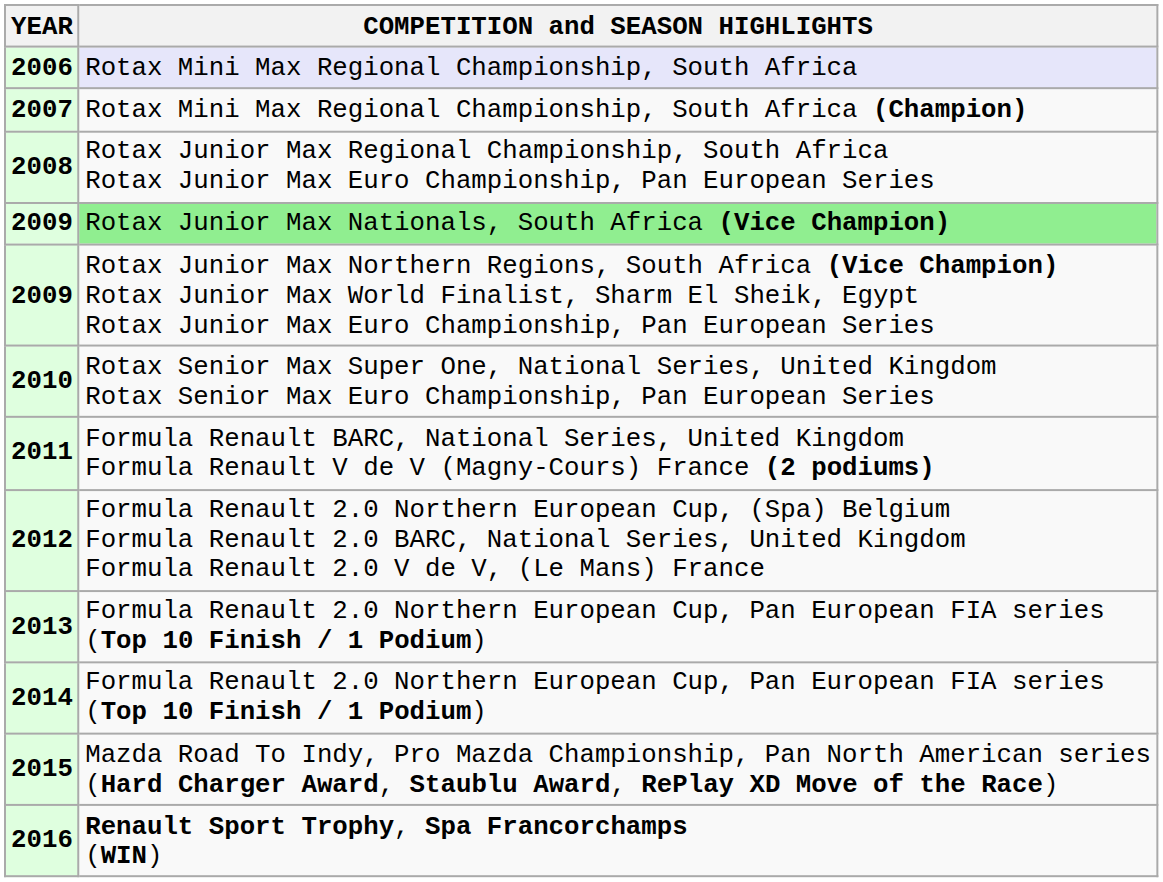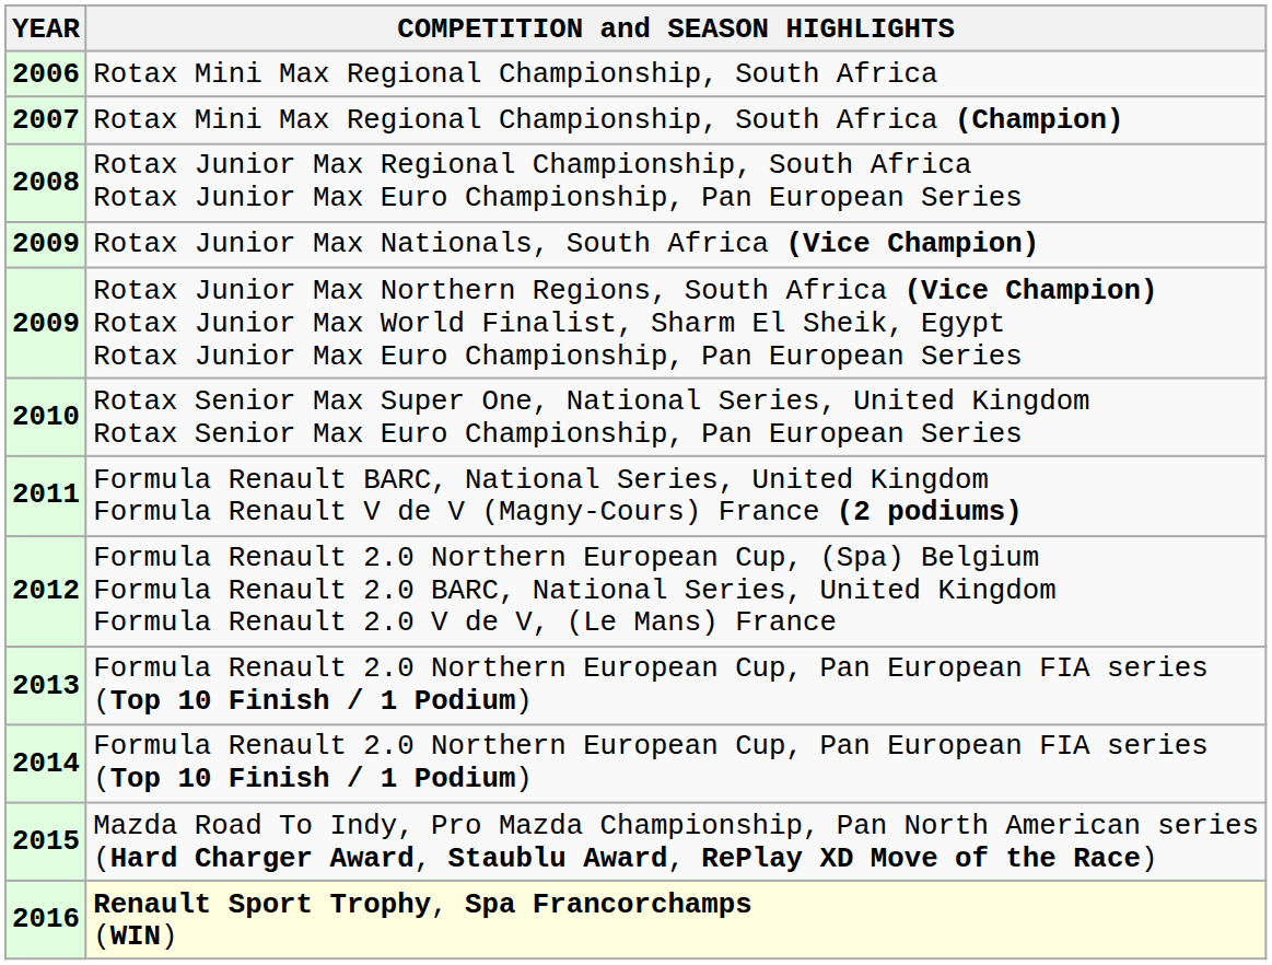 <table class="wikitable sortable" border="1">
 <tr>
 <th>YEAR</th>
 <th>COMPETITION and SEASON HIGHLIGHTS</th>
 </tr>
 <tr>
 <td style="background:#DFFFDF;"><strong>2006</strong></td>
-<td style="background: lavender;">Rotax Mini Max Regional Championship, South Africa</td>
+<td>Rotax Mini Max Regional Championship, South Africa</td>
 </tr>
 <tr>
 <td style="background:#DFFFDF;"><strong>2007</strong></td>
 <td>Rotax Mini Max Regional Championship, South Africa <strong>(Champion)</strong></td>
 </tr>
 <tr>
 <td style="background:#DFFFDF;"><strong>2008</strong></td>
 <td>Rotax Junior Max Regional Championship, South Africa<br>Rotax Junior Max Euro Championship, Pan European Series</td>
 </tr>
 <tr>
 <td style="background:#DFFFDF;"><strong>2009</strong></td>
-<td style="background: lightgreen;">Rotax Junior Max Nationals, South Africa <strong>(Vice Champion)</strong></td>
+<td>Rotax Junior Max Nationals, South Africa <strong>(Vice Champion)</strong></td>
 </tr>
 <tr>
 <td style="background:#DFFFDF;"><strong>2009</strong></td>
 <td>Rotax Junior Max Northern Regions, South Africa <strong>(Vice Champion)</strong><br>Rotax Junior Max World Finalist, Sharm El Sheik, Egypt<br>Rotax Junior Max Euro Championship, Pan European Series</td>
 </tr>
 <tr>
 <td style="background:#DFFFDF;"><strong>2010</strong></td>
 <td>Rotax Senior Max Super One, National Series, United Kingdom<br>Rotax Senior Max Euro Championship, Pan European Series</td>
 </tr>
 <tr>
 <td style="background:#DFFFDF;"><strong>2011</strong></td>
 <td>Formula Renault BARC, National Series, United Kingdom<br>Formula Renault V de V (Magny-Cours) France <strong>(2 podiums)</strong></td>
 </tr>
 <tr 　>
 <td style="background:#DFFFDF;"><strong>2012</strong></td>
 <td>Formula Renault 2.0 Northern European Cup, (Spa) Belgium<br>Formula Renault 2.0 BARC, National Series, United Kingdom<br>Formula Renault 2.0 V de V, (Le Mans) France</td>
 </tr>
 <tr>
 <td style="background:#DFFFDF;"><strong>2013</strong></td>
 <td>Formula Renault 2.0 Northern European Cup, Pan European FIA series<br>(<strong>Top 10 Finish / 1 Podium</strong>)</td>
 </tr>
 <tr>
 <td style="background:#DFFFDF;"><strong>2014</strong></td>
 <td>Formula Renault 2.0 Northern European Cup, Pan European FIA series<br>(<strong>Top 10 Finish / 1 Podium</strong>)</td>
 </tr>
 <tr>
 <td style="background:#DFFFDF;"><strong>2015</strong></td>
 <td>Mazda Road To Indy, Pro Mazda Championship, Pan North American series<br>(<strong>Hard Charger Award</strong>, <strong>Staublu Award</strong>, <strong>RePlay XD Move of the Race</strong>)</td>
 </tr>
 <tr>
 <td style="background:#DFFFDF;"><strong>2016</strong></td>
-<td><strong>Renault Sport Trophy</strong>, <strong>Spa Francorchamps</strong><br>(<strong>WIN</strong>)</td>
+<td style="background: lightyellow;"><strong>Renault Sport Trophy</strong>, <strong>Spa Francorchamps</strong><br>(<strong>WIN</strong>)</td>
 </tr>
 </table>
